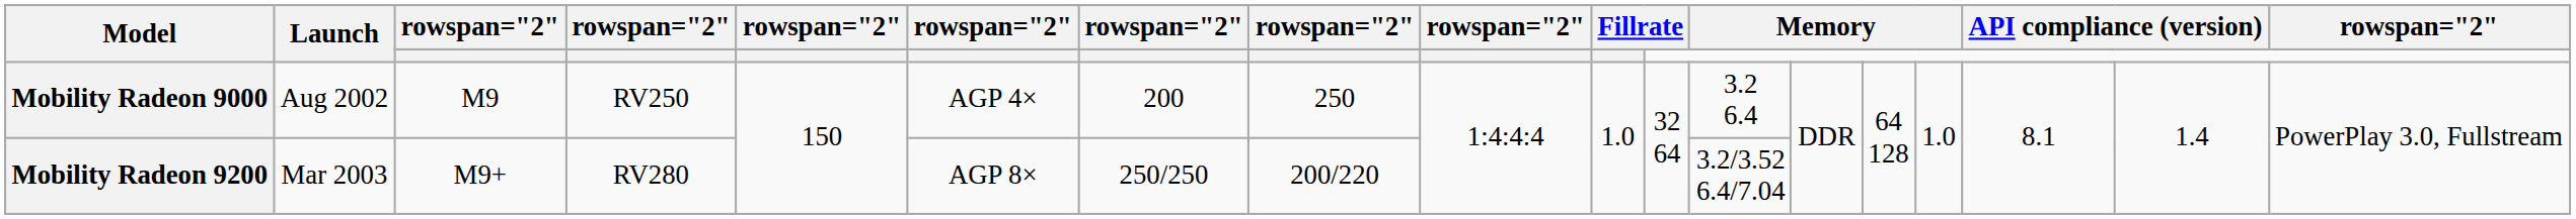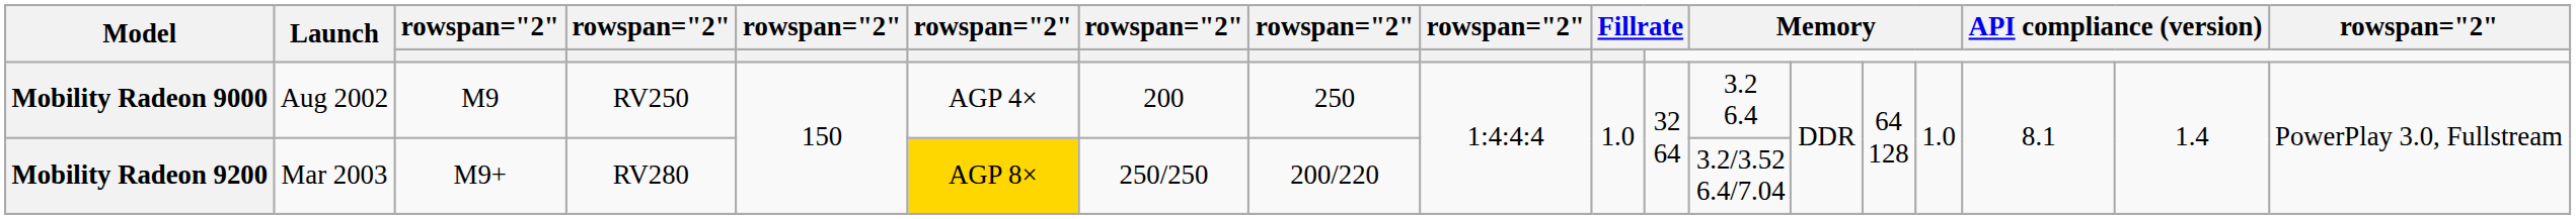 <table class="mw-datatable wikitable sortable" style="font-size: 80%; text-align:center;">
 <tr>
 <th rowspan="2">Model</th>
 <th rowspan="2">Launch</th>
 <th>rowspan="2" </th>
 <th>rowspan="2" </th>
 <th>rowspan="2" </th>
 <th>rowspan="2" </th>
 <th>rowspan="2" </th>
 <th>rowspan="2" </th>
 <th>rowspan="2" </th>
 <th colspan="2"><a href='#'>Fillrate</a></th>
 <th colspan="4">Memory</th>
 <th colspan="2"><a href='#'>API</a> compliance (version)</th>
 <th>rowspan="2" </th>
 </tr>
 <tr>
 <th></th>
 <th></th>
 <th></th>
 <th></th>
 <th></th>
 <th></th>
 <th></th>
 <th></th>
 </tr>
 <tr>
 <th>Mobility Radeon 9000</th>
 <td>Aug 2002</td>
 <td>M9</td>
 <td>RV250</td>
 <td rowspan="2">150</td>
 <td rowspan="1">AGP 4×</td>
 <td rowspan="1">200</td>
 <td>250</td>
 <td rowspan="2">1:4:4:4</td>
 <td rowspan="2">1.0</td>
 <td rowspan="2">32<br>64</td>
 <td rowspan="1">3.2<br>6.4</td>
 <td rowspan="2">DDR</td>
 <td rowspan="2">64<br>128</td>
 <td rowspan="2">1.0</td>
 <td rowspan="2">8.1</td>
 <td rowspan="2">1.4</td>
 <td rowspan="2">PowerPlay 3.0, Fullstream</td>
 </tr>
 <tr>
 <th>Mobility Radeon 9200</th>
 <td>Mar 2003</td>
 <td>M9+</td>
 <td>RV280</td>
-<td rowspan="1">AGP 8×</td>
+<td rowspan="1" style="background: gold;">AGP 8×</td>
 <td>250/250</td>
 <td>200/220</td>
 <td>3.2/3.52<br>6.4/7.04</td>
 </tr>
 </table>
